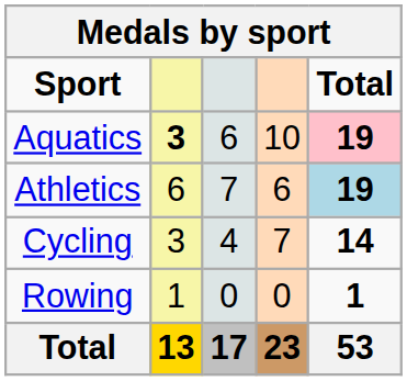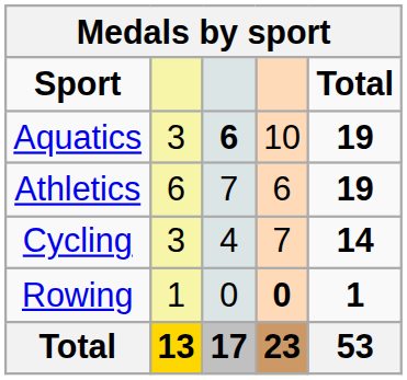 <table class="wikitable" style="font-size:85%; text-align:center;">
 <tr style="background:#efefef;">
 <th colspan=5><strong>Medals by sport</strong></th>
 </tr>
 <tr>
 <td><strong>Sport</strong></td>
 <td style="background:#f7f6a8;"></td>
 <td style="background:#dce5e5;"></td>
 <td style="background:#ffdab9;"></td>
 <td><strong>Total</strong></td>
 </tr>
 <tr>
 <td><a href='#'>Aquatics</a></td>
-<td style="background:#F7F6A8;"><strong>3</strong></td>
-<td style="background:#DCE5E5;">6</td>
+<td style="background:#F7F6A8;">3</td>
+<td style="background:#DCE5E5;"><strong>6</strong></td>
 <td style="background:#FFDAB9;">10</td>
-<td style="background: pink;"><strong>19</strong></td>
+<td><strong>19</strong></td>
 </tr>
 <tr>
 <td><a href='#'>Athletics</a></td>
 <td style="background:#F7F6A8;">6</td>
 <td style="background:#DCE5E5;">7</td>
 <td style="background:#FFDAB9;">6</td>
-<td style="background: lightblue;"><strong>19</strong></td>
+<td><strong>19</strong></td>
 </tr>
 <tr>
 <td><a href='#'>Cycling</a></td>
 <td style="background:#F7F6A8;">3</td>
 <td style="background:#DCE5E5;">4</td>
 <td style="background:#FFDAB9;">7</td>
 <td><strong>14</strong></td>
 </tr>
 <tr>
 <td><a href='#'>Rowing</a></td>
 <td style="background:#F7F6A8;">1</td>
 <td style="background:#DCE5E5;">0</td>
-<td style="background:#FFDAB9;">0</td>
+<td style="background:#FFDAB9;"><strong>0</strong></td>
 <td><strong>1</strong></td>
 </tr>
 <tr>
 <th>Total</th>
 <th style="background:gold;">13</th>
 <th style="background:silver;">17</th>
 <th style="background:#c96;">23</th>
 <th>53</th>
 </tr>
 </table>
